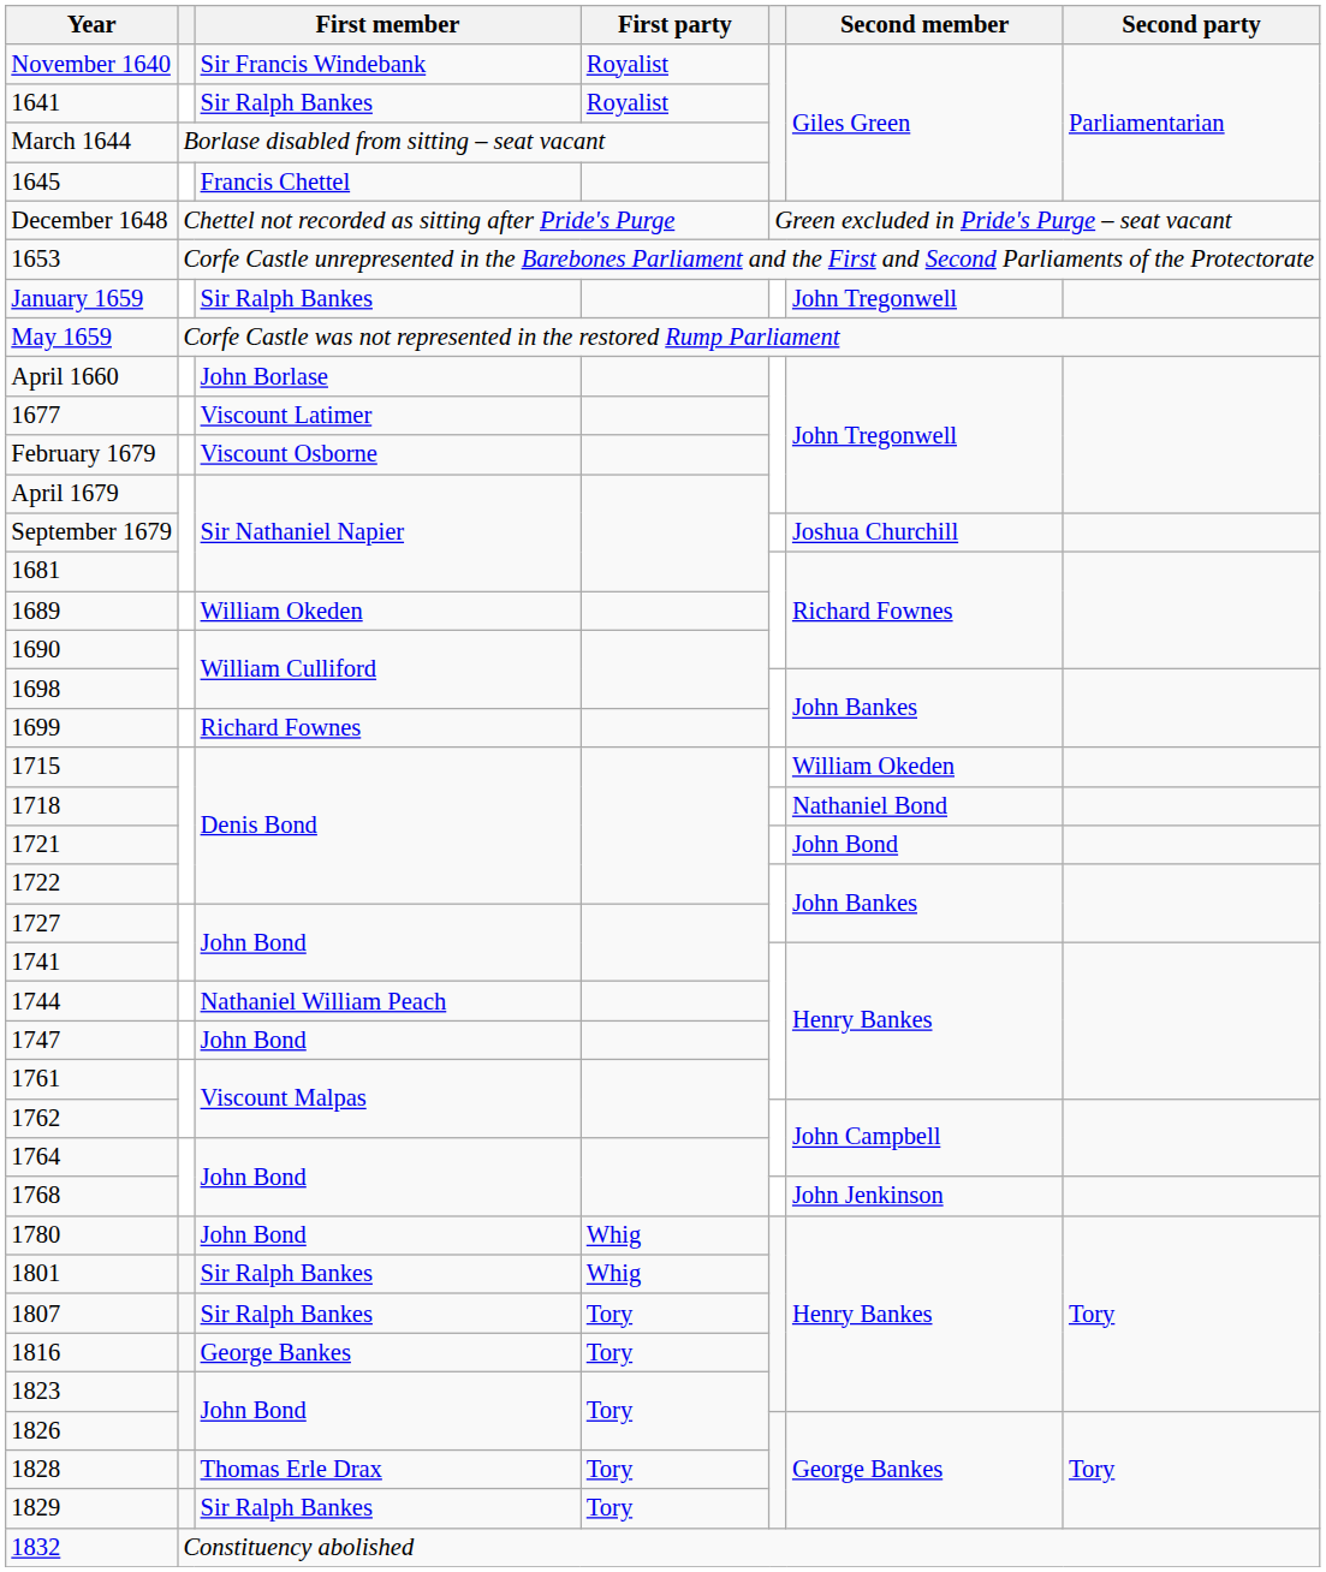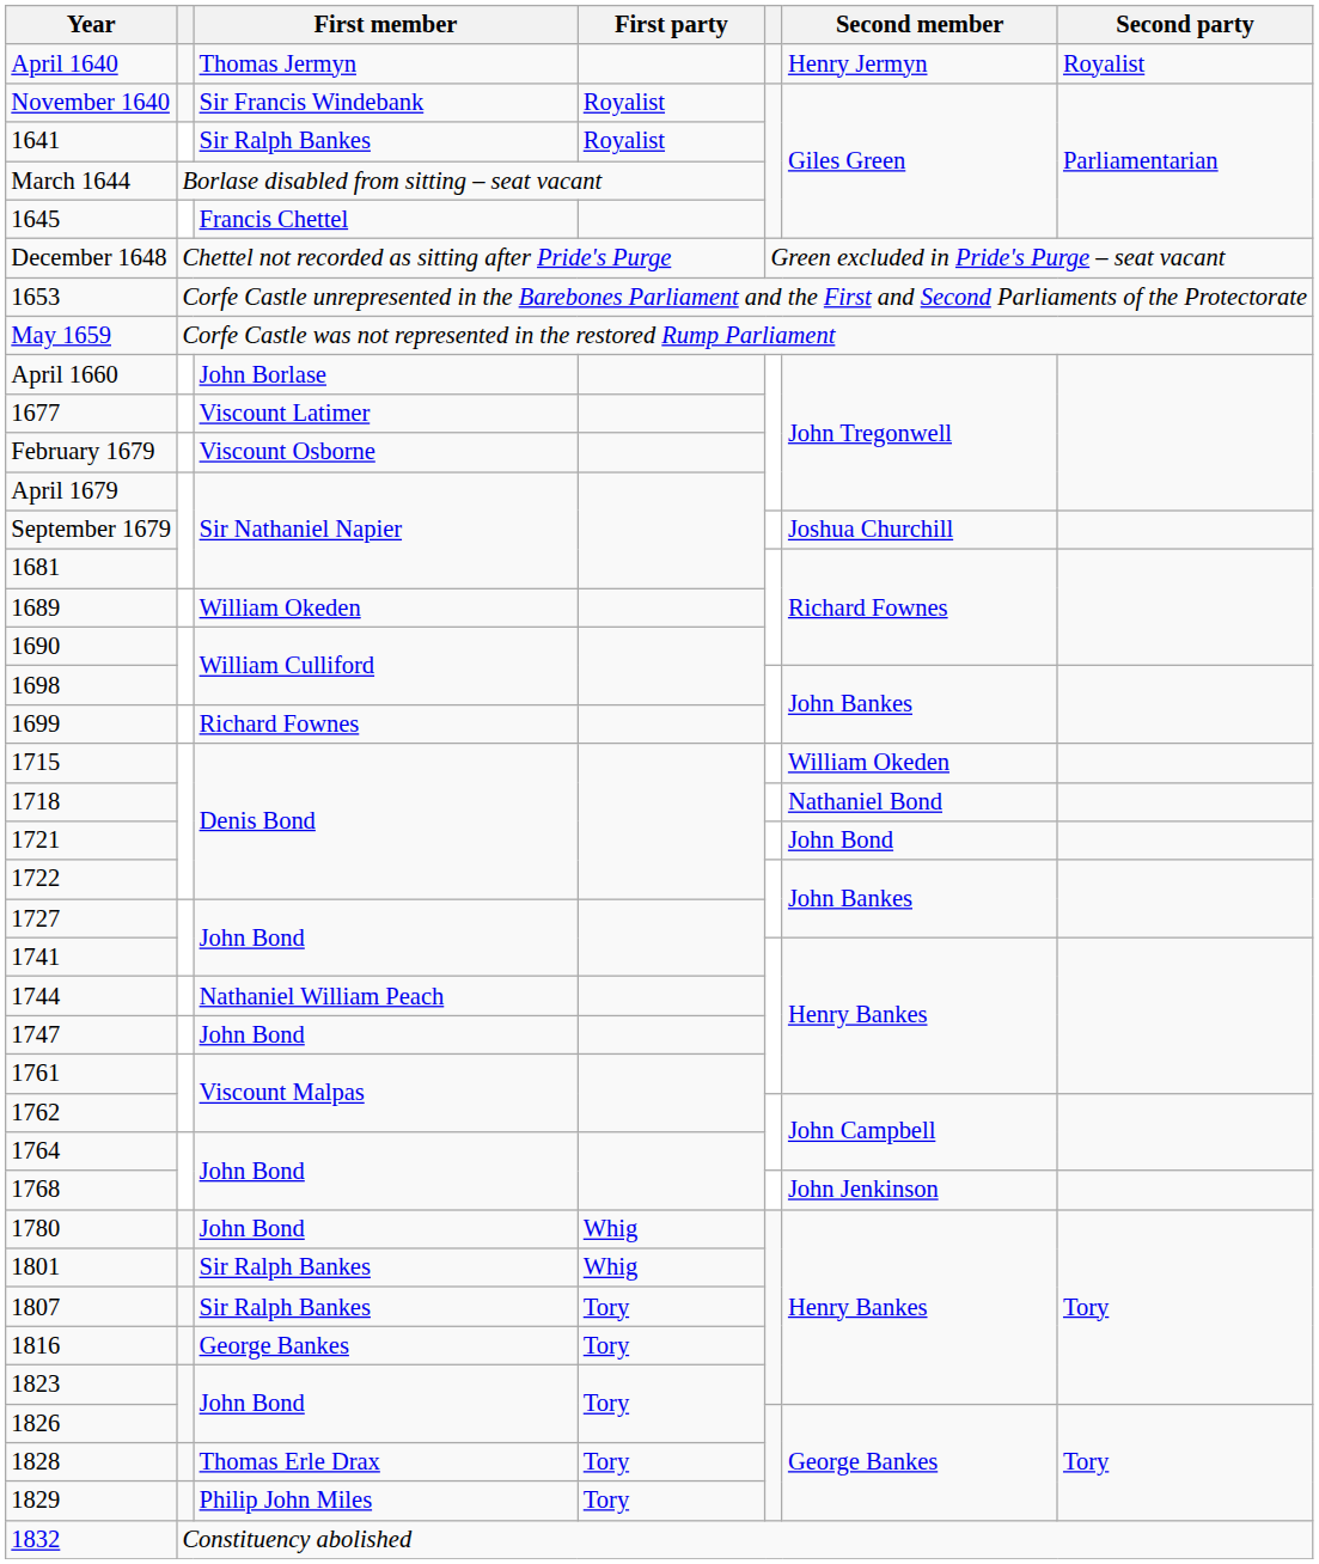 <table class="wikitable">
 <tr>
 <th>Year</th>
 <th></th>
 <th>First member</th>
 <th>First party</th>
 <th></th>
 <th>Second member</th>
 <th>Second party</th>
+</tr>
+<tr>
+<td><a href='#'>April 1640</a></td>
+<td style="color:inherit;background-color: "></td>
+<td><a href='#'>Thomas Jermyn</a></td>
+<td></td>
+<td style="color:inherit;background-color: "></td>
+<td><a href='#'>Henry Jermyn</a></td>
+<td><a href='#'>Royalist</a></td>
 </tr>
 <tr>
 <td><a href='#'>November 1640</a></td>
 <td style="color:inherit;background-color: "></td>
 <td><a href='#'>Sir Francis Windebank</a></td>
 <td><a href='#'>Royalist</a></td>
 <td rowspan="4" style="color:inherit;background-color: "></td>
 <td rowspan="4"><a href='#'>Giles Green</a></td>
 <td rowspan="4"><a href='#'>Parliamentarian</a></td>
 </tr>
 <tr>
 <td>1641</td>
 <td style="color:inherit;background-color: white"></td>
 <td><a href='#'>Sir Ralph Bankes</a></td>
 <td><a href='#'>Royalist</a></td>
 </tr>
 <tr>
 <td>March 1644</td>
 <td colspan="3"><em>Borlase disabled from sitting – seat vacant</em></td>
 </tr>
 <tr>
 <td>1645</td>
 <td style="color:inherit;background-color: white"></td>
 <td><a href='#'>Francis Chettel</a></td>
 <td></td>
 </tr>
 <tr>
 <td>December 1648</td>
 <td colspan="3"><em>Chettel not recorded as sitting after <a href='#'>Pride's Purge</a></em></td>
 <td colspan="3"><em>Green excluded in <a href='#'>Pride's Purge</a> – seat vacant</em></td>
 </tr>
 <tr>
 <td>1653</td>
 <td colspan="6"><em>Corfe Castle unrepresented in the <a href='#'>Barebones Parliament</a> and the <a href='#'>First</a> and <a href='#'>Second</a> Parliaments of the Protectorate</em></td>
-</tr>
-<tr>
-<td><a href='#'>January 1659</a></td>
-<td style="color:inherit;background-color: white"></td>
-<td><a href='#'>Sir Ralph Bankes</a></td>
-<td></td>
-<td style="color:inherit;background-color: white"></td>
-<td><a href='#'>John Tregonwell</a></td>
-<td></td>
 </tr>
 <tr>
 <td><a href='#'>May 1659</a></td>
 <td colspan="6"><em>Corfe Castle was not represented in the restored <a href='#'>Rump Parliament</a></em></td>
 </tr>
 <tr>
 <td>April 1660</td>
 <td style="color:inherit;background-color: white"></td>
 <td><a href='#'>John Borlase</a></td>
 <td></td>
 <td rowspan="4" style="color:inherit;background-color: white"></td>
 <td rowspan="4"><a href='#'>John Tregonwell</a></td>
 <td rowspan="4"></td>
 </tr>
 <tr>
 <td>1677</td>
 <td style="color:inherit;background-color: white"></td>
 <td><a href='#'>Viscount Latimer</a></td>
 <td></td>
 </tr>
 <tr>
 <td>February 1679</td>
 <td style="color:inherit;background-color: white"></td>
 <td><a href='#'>Viscount Osborne</a></td>
 <td></td>
 </tr>
 <tr>
 <td>April 1679</td>
 <td rowspan="3" style="color:inherit;background-color: white"></td>
 <td rowspan="3"><a href='#'>Sir Nathaniel Napier</a></td>
 <td rowspan="3"></td>
 </tr>
 <tr>
 <td>September 1679</td>
 <td style="color:inherit;background-color: white"></td>
 <td><a href='#'>Joshua Churchill</a></td>
 <td></td>
 </tr>
 <tr>
 <td>1681</td>
 <td rowspan="3" style="color:inherit;background-color: white"></td>
 <td rowspan="3"><a href='#'>Richard Fownes</a></td>
 <td rowspan="3"></td>
 </tr>
 <tr>
 <td>1689</td>
 <td style="color:inherit;background-color: white"></td>
 <td><a href='#'>William Okeden</a></td>
 <td></td>
 </tr>
 <tr>
 <td>1690</td>
 <td rowspan="2" style="color:inherit;background-color: white"></td>
 <td rowspan="2"><a href='#'>William Culliford</a></td>
 <td rowspan="2"></td>
 </tr>
 <tr>
 <td>1698</td>
 <td rowspan="2" style="color:inherit;background-color: white"></td>
 <td rowspan="2"><a href='#'>John Bankes</a></td>
 <td rowspan="2"></td>
 </tr>
 <tr>
 <td>1699</td>
 <td style="color:inherit;background-color: white"></td>
 <td><a href='#'>Richard Fownes</a></td>
 <td></td>
 </tr>
 <tr>
 <td>1715</td>
 <td rowspan="4" style="color:inherit;background-color: white"></td>
 <td rowspan="4"><a href='#'>Denis Bond</a></td>
 <td rowspan="4"></td>
 <td style="color:inherit;background-color: white"></td>
 <td><a href='#'>William Okeden</a></td>
 <td></td>
 </tr>
 <tr>
 <td>1718</td>
 <td style="color:inherit;background-color: white"></td>
 <td><a href='#'>Nathaniel Bond</a></td>
 <td></td>
 </tr>
 <tr>
 <td>1721</td>
 <td style="color:inherit;background-color: white"></td>
 <td><a href='#'>John Bond</a></td>
 <td></td>
 </tr>
 <tr>
 <td>1722</td>
 <td rowspan="2" style="color:inherit;background-color: white"></td>
 <td rowspan="2"><a href='#'>John Bankes</a></td>
 <td rowspan="2"></td>
 </tr>
 <tr>
 <td>1727</td>
 <td rowspan="2" style="color:inherit;background-color: white"></td>
 <td rowspan="2"><a href='#'>John Bond</a></td>
 <td rowspan="2"></td>
 </tr>
 <tr>
 <td>1741</td>
 <td rowspan="4" style="color:inherit;background-color: white"></td>
 <td rowspan="4"><a href='#'>Henry Bankes</a></td>
 <td rowspan="4"></td>
 </tr>
 <tr>
 <td>1744</td>
 <td style="color:inherit;background-color: white"></td>
 <td><a href='#'>Nathaniel William Peach</a></td>
 <td></td>
 </tr>
 <tr>
 <td>1747</td>
 <td style="color:inherit;background-color: white"></td>
 <td><a href='#'>John Bond</a></td>
 <td></td>
 </tr>
 <tr>
 <td>1761</td>
 <td rowspan="2" style="color:inherit;background-color: white"></td>
 <td rowspan="2"><a href='#'>Viscount Malpas</a></td>
 <td rowspan="2"></td>
 </tr>
 <tr>
 <td>1762</td>
 <td rowspan="2" style="color:inherit;background-color: white"></td>
 <td rowspan="2"><a href='#'>John Campbell</a></td>
 <td rowspan="2"></td>
 </tr>
 <tr>
 <td>1764</td>
 <td rowspan="2" style="color:inherit;background-color: white"></td>
 <td rowspan="2"><a href='#'>John Bond</a></td>
 <td rowspan="2"></td>
 </tr>
 <tr>
 <td>1768</td>
 <td style="color:inherit;background-color: white"></td>
 <td><a href='#'>John Jenkinson</a></td>
 <td></td>
 </tr>
 <tr>
 <td>1780</td>
 <td style="color:inherit;background-color: "></td>
 <td><a href='#'>John Bond</a></td>
 <td><a href='#'>Whig</a></td>
 <td rowspan="5" style="color:inherit;background-color: "></td>
 <td rowspan="5"><a href='#'>Henry Bankes</a></td>
 <td rowspan="5"><a href='#'>Tory</a></td>
 </tr>
 <tr>
 <td>1801</td>
 <td style="color:inherit;background-color: "></td>
 <td><a href='#'>Sir Ralph Bankes</a></td>
 <td><a href='#'>Whig</a></td>
 </tr>
 <tr>
 <td>1807</td>
 <td style="color:inherit;background-color: "></td>
 <td><a href='#'>Sir Ralph Bankes</a></td>
 <td><a href='#'>Tory</a></td>
 </tr>
 <tr>
 <td>1816</td>
 <td style="color:inherit;background-color: "></td>
 <td><a href='#'>George Bankes</a></td>
 <td><a href='#'>Tory</a></td>
 </tr>
 <tr>
 <td>1823</td>
 <td rowspan="2" style="color:inherit;background-color: "></td>
 <td rowspan="2"><a href='#'>John Bond</a></td>
 <td rowspan="2"><a href='#'>Tory</a></td>
 </tr>
 <tr>
 <td>1826</td>
 <td rowspan="3" style="color:inherit;background-color: "></td>
 <td rowspan="3"><a href='#'>George Bankes</a></td>
 <td rowspan="3"><a href='#'>Tory</a></td>
 </tr>
 <tr>
 <td>1828</td>
 <td style="color:inherit;background-color: "></td>
 <td><a href='#'>Thomas Erle Drax</a></td>
 <td><a href='#'>Tory</a></td>
 </tr>
 <tr>
 <td>1829</td>
 <td style="color:inherit;background-color: "></td>
-<td><a href='#'>Sir Ralph Bankes</a></td>
+<td><a href='#'>Philip John Miles</a></td>
 <td><a href='#'>Tory</a></td>
 </tr>
 <tr>
 <td><a href='#'>1832</a></td>
 <td colspan="6"><em>Constituency abolished</em></td>
 </tr>
 </table>
